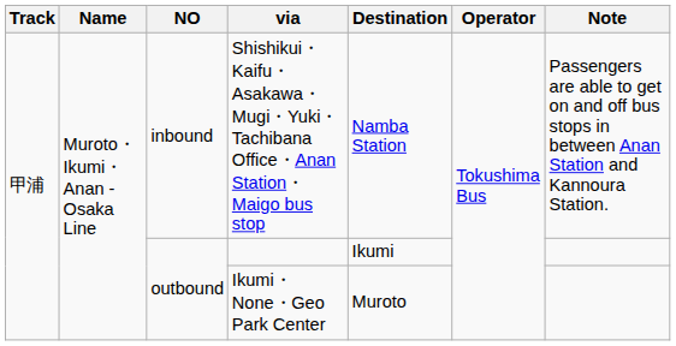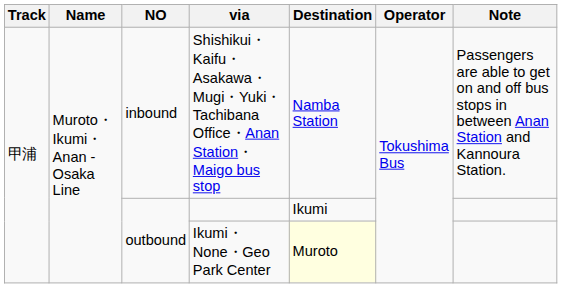 <table class="wikitable">
 <tr>
 <th>Track</th>
 <th>Name</th>
 <th>NO</th>
 <th>via</th>
 <th>Destination</th>
 <th>Operator</th>
 <th>Note</th>
 </tr>
 <tr>
 <td rowspan="3">甲浦</td>
 <td rowspan="3">Muroto・Ikumi・Anan - Osaka Line</td>
 <td>inbound</td>
 <td>Shishikui・Kaifu・Asakawa・Mugi・Yuki・Tachibana Office・<a href='#'>Anan Station</a>・<a href='#'>Maigo bus stop</a></td>
 <td><a href='#'>Namba Station</a></td>
 <td rowspan="3"><a href='#'>Tokushima Bus</a></td>
 <td>Passengers are able to get on and off bus stops in between <a href='#'>Anan Station</a> and Kannoura Station.</td>
 </tr>
 <tr>
 <td rowspan="2">outbound</td>
 <td></td>
 <td>Ikumi</td>
 <td></td>
 </tr>
 <tr>
 <td>Ikumi・None・Geo Park Center</td>
-<td>Muroto</td>
+<td style="background: lightyellow;">Muroto</td>
 <td></td>
 </tr>
 </table>
